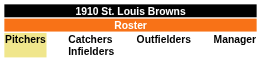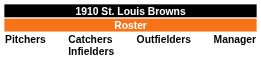 <table class="toccolours" style="font-size: 95%;">
 <tr>
 <th colspan="10" style="background-color: black; color: white; text-align: center;">1910 St. Louis Browns</th>
 </tr>
 <tr>
 <td colspan="10" style="background-color: #F87217; color: white; text-align: center;"><strong>Roster</strong></td>
 </tr>
 <tr>
-<td valign="top" style="background: khaki;"><strong>Pitchers</strong><br>                  </td>
+<td valign="top"><strong>Pitchers</strong><br>                  </td>
 <td width="25px"></td>
 <td valign="top"><strong>Catchers</strong><br>     <strong>Infielders</strong>           </td>
 <td width="25px"></td>
 <td valign="top"><strong>Outfielders</strong><br>      </td>
 <td width="25px"></td>
 <td valign="top"><strong>Manager</strong><br></td>
 </tr>
 </table>
